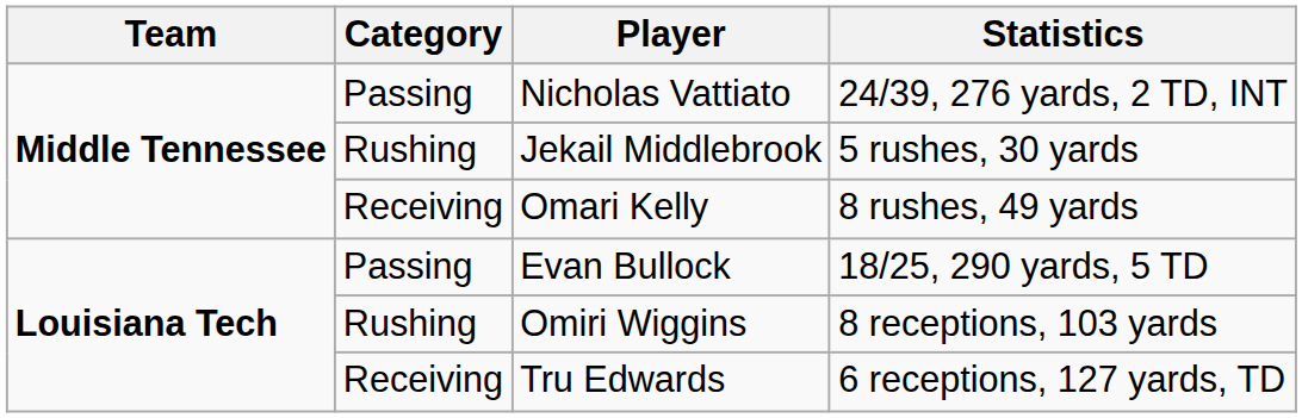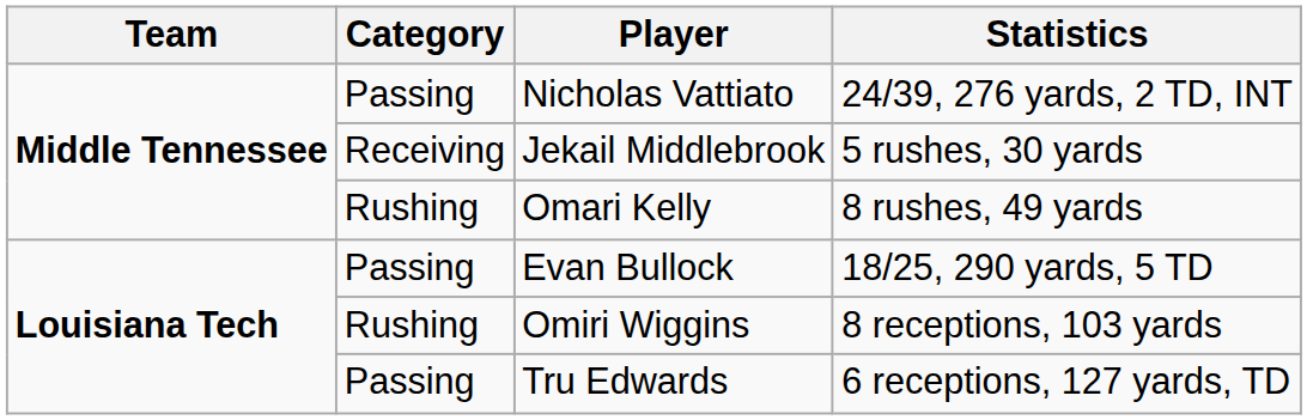 <table class="wikitable" style="float: right;">
 <tr>
 <th>Team</th>
 <th>Category</th>
 <th>Player</th>
 <th>Statistics</th>
 </tr>
 <tr>
 <td rowspan=3><strong>Middle Tennessee</strong></td>
 <td>Passing</td>
 <td>Nicholas Vattiato</td>
 <td>24/39, 276 yards, 2 TD, INT</td>
 </tr>
 <tr>
-<td>Rushing</td>
+<td>Receiving</td>
 <td>Jekail Middlebrook</td>
 <td>5 rushes, 30 yards</td>
 </tr>
 <tr>
-<td>Receiving</td>
+<td>Rushing</td>
 <td>Omari Kelly</td>
 <td>8 rushes, 49 yards</td>
 </tr>
 <tr>
 <td rowspan=3><strong>Louisiana Tech</strong></td>
 <td>Passing</td>
 <td>Evan Bullock</td>
 <td>18/25, 290 yards, 5 TD</td>
 </tr>
 <tr>
 <td>Rushing</td>
 <td>Omiri Wiggins</td>
 <td>8 receptions, 103 yards</td>
 </tr>
 <tr>
-<td>Receiving</td>
+<td>Passing</td>
 <td>Tru Edwards</td>
 <td>6 receptions, 127 yards, TD</td>
 </tr>
 </table>
